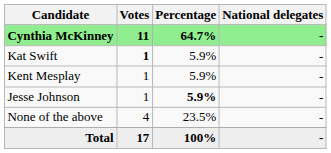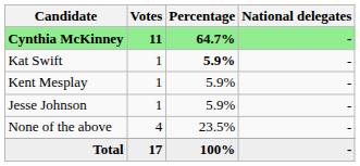 <table class="wikitable" style=" text-align:right;">
 <tr>
 <th>Candidate</th>
 <th>Votes</th>
 <th>Percentage</th>
 <th>National delegates</th>
 </tr>
 <tr style="background:lightgreen;">
 <td style="text-align:left;"><strong>Cynthia McKinney</strong></td>
 <td><strong>11</strong></td>
 <td><strong>64.7%</strong></td>
 <td><strong>-</strong></td>
 </tr>
 <tr>
 <td style="text-align:left;">Kat Swift</td>
-<td><strong>1</strong></td>
-<td>5.9%</td>
+<td>1</td>
+<td><strong>5.9%</strong></td>
 <td>-</td>
 </tr>
 <tr>
 <td style="text-align:left;">Kent Mesplay</td>
 <td>1</td>
 <td>5.9%</td>
 <td>-</td>
 </tr>
 <tr>
 <td style="text-align:left;">Jesse Johnson</td>
 <td>1</td>
-<td><strong>5.9%</strong></td>
+<td>5.9%</td>
 <td>-</td>
 </tr>
 <tr>
 <td style="text-align:left;">None of the above</td>
 <td>4</td>
 <td>23.5%</td>
 <td>-</td>
 </tr>
 <tr>
 </tr>
 <tr style="background:#eee;">
 <td style="margin-right:0.50px"><strong>Total</strong></td>
 <td style="margin-right:0.50px"><strong>17</strong></td>
 <td style="margin-right:0.50px"><strong>100%</strong></td>
 <td style="margin-right:0.50px"><strong>-</strong></td>
 </tr>
 </table>
